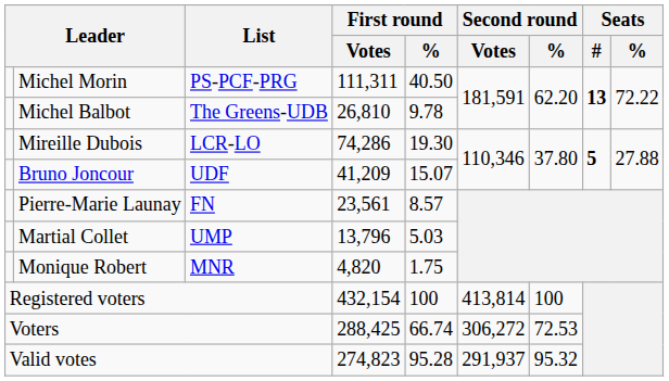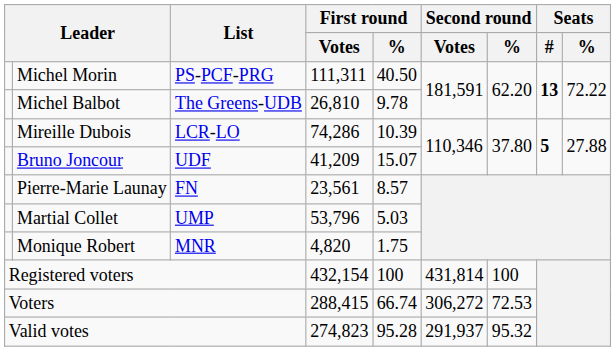 <table class="wikitable">
 <tr>
 <th colspan="2" rowspan="2">Leader</th>
 <th rowspan="2">List</th>
 <th colspan="2">First round</th>
 <th colspan="2">Second round</th>
 <th colspan="2">Seats</th>
 </tr>
 <tr>
 <th>Votes</th>
 <th>%</th>
 <th>Votes</th>
 <th>%</th>
 <th>#</th>
 <th>%</th>
 </tr>
 <tr>
 <td style="background:"></td>
 <td>Michel Morin</td>
 <td><a href='#'>PS</a>-<a href='#'>PCF</a>-<a href='#'>PRG</a></td>
 <td>111,311</td>
 <td>40.50</td>
 <td rowspan="2">181,591</td>
 <td rowspan="2">62.20</td>
 <td rowspan="2"><strong>13</strong></td>
 <td rowspan="2">72.22</td>
 </tr>
 <tr>
 <td style="background:"></td>
 <td>Michel Balbot</td>
 <td><a href='#'>The Greens</a>-<a href='#'>UDB</a></td>
 <td>26,810</td>
 <td>9.78</td>
 </tr>
 <tr>
 <td style="background:"></td>
 <td>Mireille Dubois</td>
 <td><a href='#'>LCR</a>-<a href='#'>LO</a></td>
 <td>74,286</td>
-<td>19.30</td>
+<td>10.39</td>
 <td rowspan="2">110,346</td>
 <td rowspan="2">37.80</td>
 <td rowspan="2"><strong>5</strong></td>
 <td rowspan="2">27.88</td>
 </tr>
 <tr>
 <td style="background:"></td>
 <td><a href='#'>Bruno Joncour</a></td>
 <td><a href='#'>UDF</a></td>
 <td>41,209</td>
 <td>15.07</td>
 </tr>
 <tr>
 <td style="background:"></td>
 <td>Pierre-Marie Launay</td>
 <td><a href='#'>FN</a></td>
 <td>23,561</td>
 <td>8.57</td>
 <th colspan="4" rowspan="3"></th>
 </tr>
 <tr>
 <td style="background:"></td>
 <td>Martial Collet</td>
 <td><a href='#'>UMP</a></td>
-<td>13,796</td>
+<td>53,796</td>
 <td>5.03</td>
 </tr>
 <tr>
 <td style="background:"></td>
 <td>Monique Robert</td>
 <td><a href='#'>MNR</a></td>
 <td>4,820</td>
 <td>1.75</td>
 </tr>
 <tr>
 <td colspan="3">Registered voters</td>
 <td>432,154</td>
 <td>100</td>
-<td>413,814</td>
+<td>431,814</td>
 <td>100</td>
 <th colspan="2" rowspan="3"></th>
 </tr>
 <tr>
 <td colspan="3">Voters</td>
-<td>288,425</td>
+<td>288,415</td>
 <td>66.74</td>
 <td>306,272</td>
 <td>72.53</td>
 </tr>
 <tr>
 <td colspan="3">Valid votes</td>
 <td>274,823</td>
 <td>95.28</td>
 <td>291,937</td>
 <td>95.32</td>
 </tr>
 </table>
